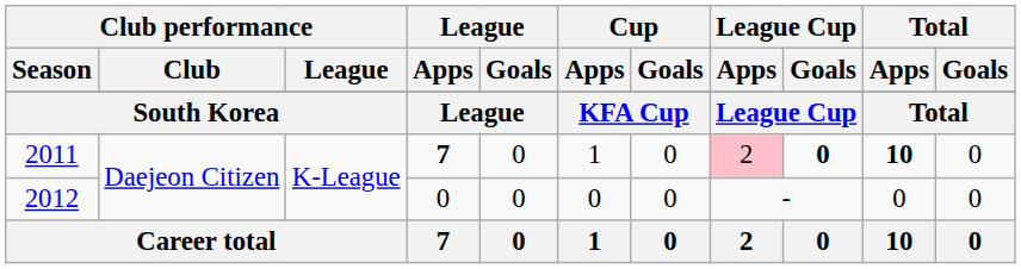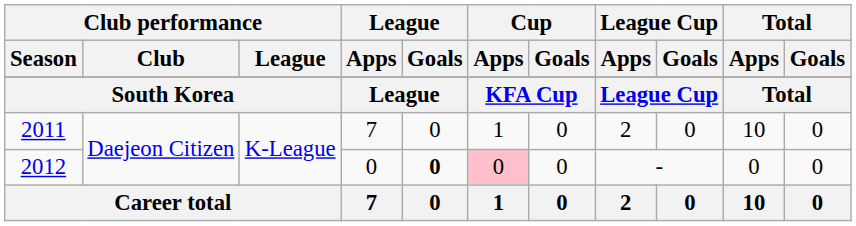 <table class="wikitable" style="text-align:center">
 <tr>
 <th colspan=3>Club performance</th>
 <th colspan=2>League</th>
 <th colspan=2>Cup</th>
 <th colspan=2>League Cup</th>
 <th colspan=2>Total</th>
 </tr>
 <tr>
 <th>Season</th>
 <th>Club</th>
 <th>League</th>
 <th>Apps</th>
 <th>Goals</th>
 <th>Apps</th>
 <th>Goals</th>
 <th>Apps</th>
 <th>Goals</th>
 <th>Apps</th>
 <th>Goals</th>
 </tr>
 <tr>
 </tr>
 <tr>
 <th colspan=3>South Korea</th>
 <th colspan=2>League</th>
 <th colspan=2><a href='#'>KFA Cup</a></th>
 <th colspan=2><a href='#'>League Cup</a></th>
 <th colspan=2>Total</th>
 </tr>
 <tr>
 <td><a href='#'>2011</a></td>
 <td rowspan="2"><a href='#'>Daejeon Citizen</a></td>
 <td rowspan="2"><a href='#'>K-League</a></td>
-<td><strong>7</strong></td>
+<td>7</td>
 <td>0</td>
 <td>1</td>
 <td>0</td>
-<td style="background: pink;">2</td>
-<td><strong>0</strong></td>
-<td><strong>10</strong></td>
+<td>2</td>
+<td>0</td>
+<td>10</td>
 <td>0</td>
 </tr>
 <tr>
 <td><a href='#'>2012</a></td>
 <td>0</td>
-<td>0</td>
-<td>0</td>
+<td><strong>0</strong></td>
+<td style="background: pink;">0</td>
 <td>0</td>
 <td colspan="2">-</td>
 <td>0</td>
 <td>0</td>
 </tr>
 <tr>
 <th colspan=3>Career total</th>
 <th>7</th>
 <th>0</th>
 <th>1</th>
 <th>0</th>
 <th>2</th>
 <th>0</th>
 <th>10</th>
 <th>0</th>
 </tr>
 </table>
